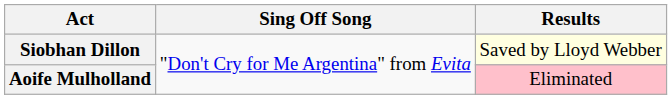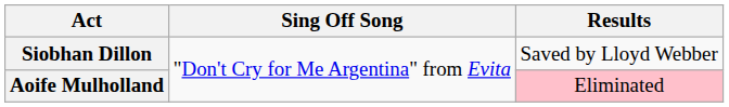 <table class="wikitable plainrowheaders" style="text-align:center;">
 <tr>
 <th scope="col">Act</th>
 <th scope="col">Sing Off Song</th>
 <th scope="col">Results</th>
 </tr>
 <tr>
 <th scope="row">Siobhan Dillon</th>
 <td rowspan="2">"<a href='#'>Don't Cry for Me Argentina</a>" from <em><a href='#'>Evita</a></em></td>
-<td style="background: lightyellow;">Saved by Lloyd Webber</td>
+<td>Saved by Lloyd Webber</td>
 </tr>
 <tr>
 <th scope="row">Aoife Mulholland</th>
 <td style="background:pink;">Eliminated</td>
 </tr>
 </table>
